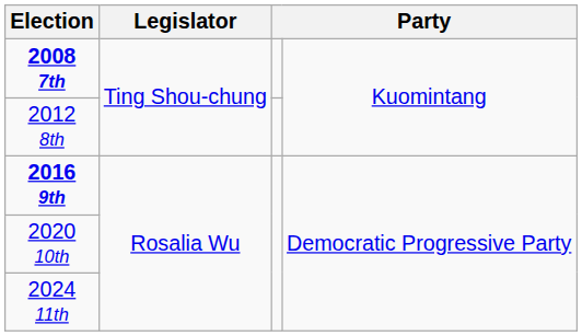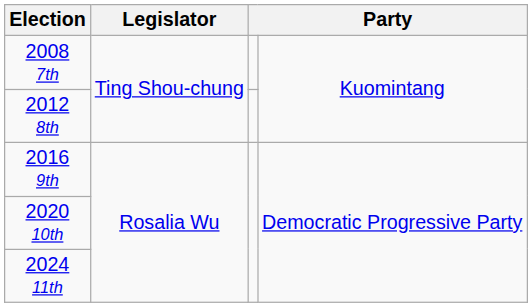 <table class="wikitable" align="center" style="text-align:center">
 <tr valign="bottom">
 <th>Election</th>
 <th>Legislator</th>
 <th colspan="2">Party</th>
 </tr>
 <tr>
-<td><strong><a href='#'>2008</a><br><small><em><a href='#'>7th</a></em></small></strong></td>
+<td><a href='#'>2008</a><br><small><em><a href='#'>7th</a></em></small></td>
 <td rowspan="2"><a href='#'>Ting Shou-chung</a></td>
 <td></td>
 <td rowspan="2"><a href='#'>Kuomintang</a></td>
 </tr>
 <tr>
 <td><a href='#'>2012</a><br><small><em><a href='#'>8th</a></em></small></td>
 </tr>
 <tr>
-<td><strong><a href='#'>2016</a><br><small><em><a href='#'>9th</a></em></small></strong></td>
+<td><a href='#'>2016</a><br><small><em><a href='#'>9th</a></em></small></td>
 <td rowspan="3"><a href='#'>Rosalia Wu</a></td>
 <td rowspan="3" style="color:inherit;background:"></td>
 <td rowspan="3"><a href='#'>Democratic Progressive Party</a></td>
 </tr>
 <tr>
 <td><a href='#'>2020</a><br><small><em><a href='#'>10th</a></em></small></td>
 </tr>
 <tr>
 <td><a href='#'>2024</a><br><small><em><a href='#'>11th</a></em></small></td>
 </tr>
 </table>
